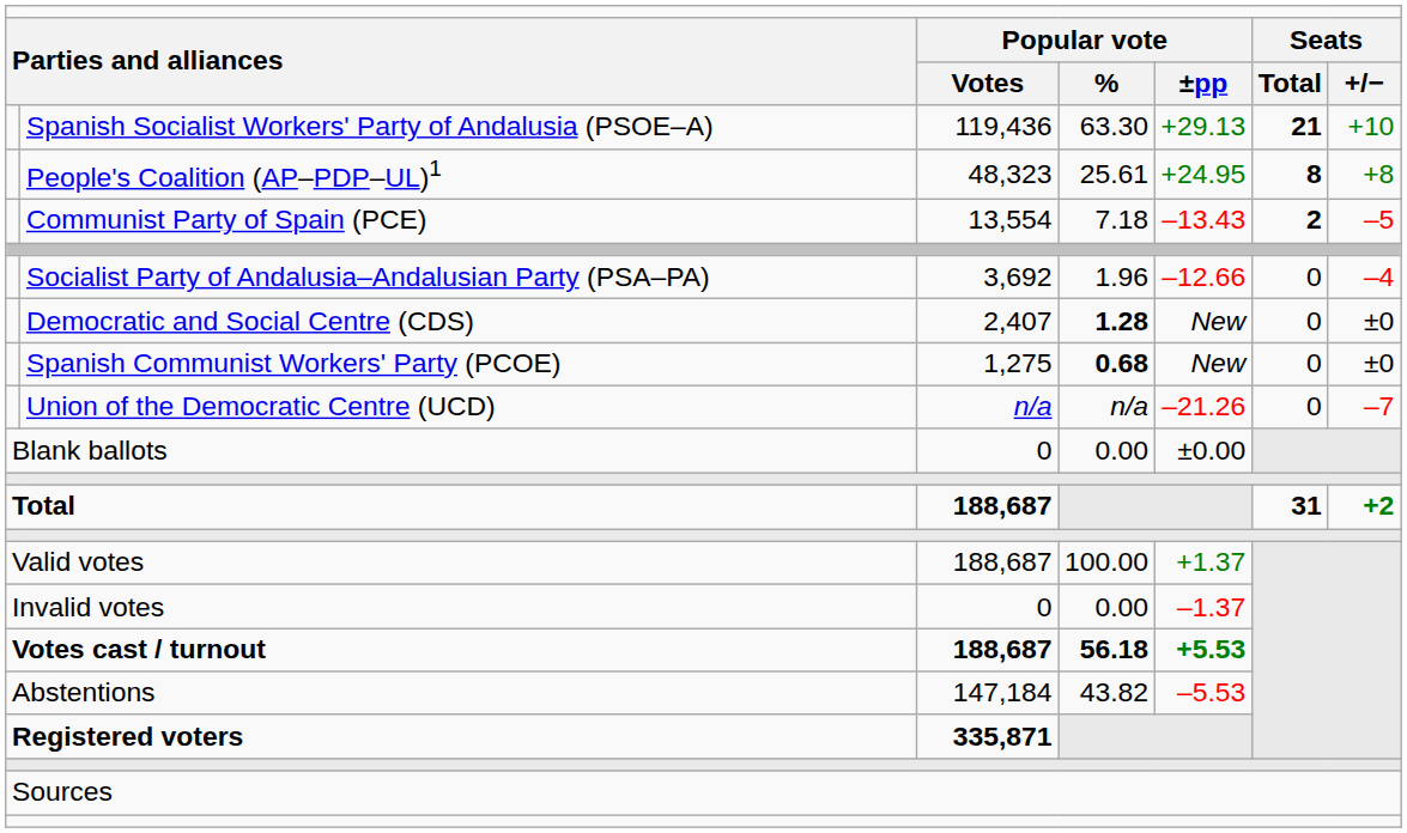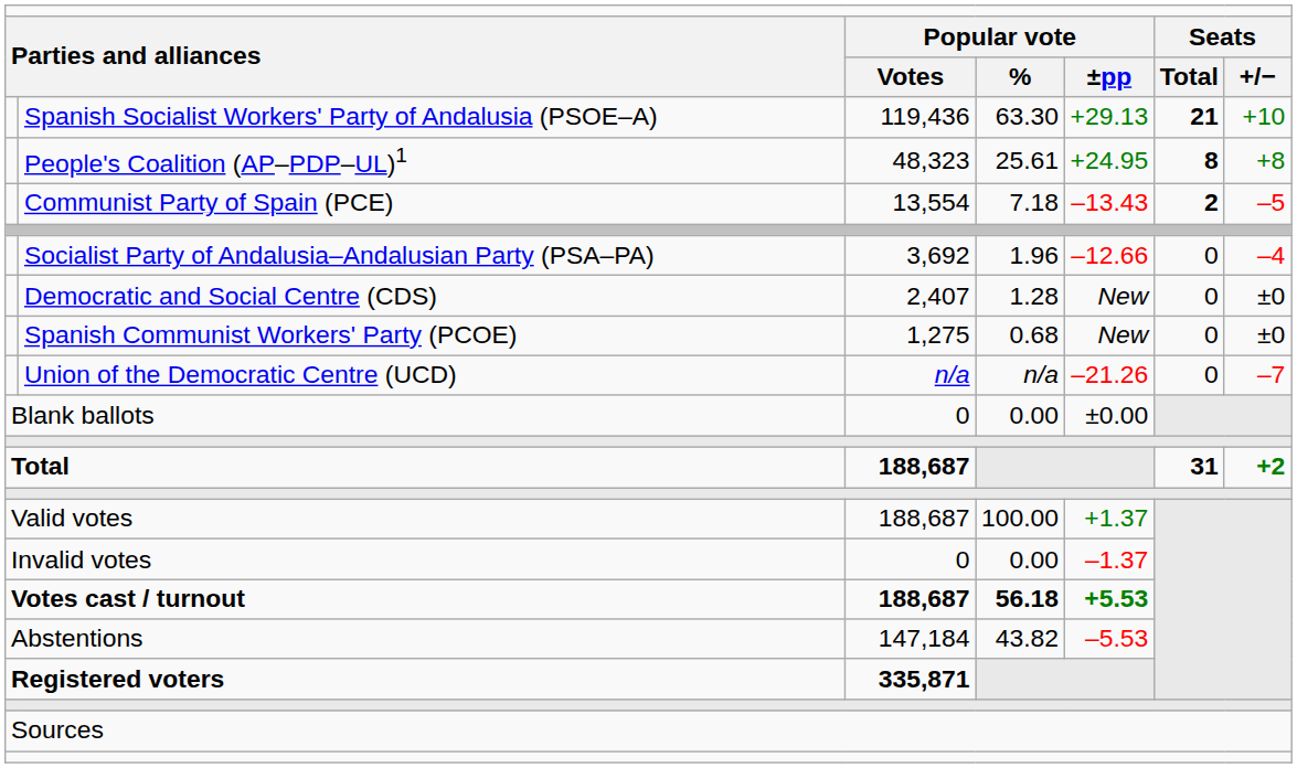 <table class="wikitable" style="text-align:right;">
 <tr>
 <td colspan="7"></td>
 </tr>
 <tr>
 <th style="text-align:left;" rowspan="2" colspan="2" width="525">Parties and alliances</th>
 <th colspan="3">Popular vote</th>
 <th colspan="2">Seats</th>
 </tr>
 <tr>
 <th width="75">Votes</th>
 <th width="45">%</th>
 <th width="45">±<a href='#'>pp</a></th>
 <th width="35">Total</th>
 <th width="35">+/−</th>
 </tr>
 <tr>
 <td width="1" style="color:inherit;background:"></td>
 <td align="left"><a href='#'>Spanish Socialist Workers' Party of Andalusia</a> (PSOE–A)</td>
 <td>119,436</td>
 <td>63.30</td>
 <td style="color:green;">+29.13</td>
 <td><strong>21</strong></td>
 <td style="color:green;">+10</td>
 </tr>
 <tr>
 <td style="color:inherit;background:"></td>
 <td align="left"><a href='#'>People's Coalition</a> (<a href='#'>AP</a>–<a href='#'>PDP</a>–<a href='#'>UL</a>)<sup>1</sup></td>
 <td>48,323</td>
 <td>25.61</td>
 <td style="color:green;">+24.95</td>
 <td><strong>8</strong></td>
 <td style="color:green;">+8</td>
 </tr>
 <tr>
 <td style="color:inherit;background:"></td>
 <td align="left"><a href='#'>Communist Party of Spain</a> (PCE)</td>
 <td>13,554</td>
 <td>7.18</td>
 <td style="color:red;">–13.43</td>
 <td><strong>2</strong></td>
 <td style="color:red;">–5</td>
 </tr>
 <tr>
 <td colspan="7" bgcolor="#C0C0C0"></td>
 </tr>
 <tr>
 <td style="color:inherit;background:"></td>
 <td align="left"><a href='#'>Socialist Party of Andalusia–Andalusian Party</a> (PSA–PA)</td>
 <td>3,692</td>
 <td>1.96</td>
 <td style="color:red;">–12.66</td>
 <td>0</td>
 <td style="color:red;">–4</td>
 </tr>
 <tr>
 <td style="color:inherit;background:"></td>
 <td align="left"><a href='#'>Democratic and Social Centre</a> (CDS)</td>
 <td>2,407</td>
-<td><strong>1.28</strong></td>
+<td>1.28</td>
 <td><em>New</em></td>
 <td>0</td>
 <td>±0</td>
 </tr>
 <tr>
 <td style="color:inherit;background:"></td>
 <td align="left"><a href='#'>Spanish Communist Workers' Party</a> (PCOE)</td>
 <td>1,275</td>
-<td><strong>0.68</strong></td>
+<td>0.68</td>
 <td><em>New</em></td>
 <td>0</td>
 <td>±0</td>
 </tr>
 <tr>
 <td style="color:inherit;background:"></td>
 <td align="left"><a href='#'>Union of the Democratic Centre</a> (UCD)</td>
 <td><em><a href='#'>n/a</a></em></td>
 <td><em>n/a</em></td>
 <td style="color:red;">–21.26</td>
 <td>0</td>
 <td style="color:red;">–7</td>
 </tr>
 <tr>
 <td align="left" colspan="2">Blank ballots</td>
 <td>0</td>
 <td>0.00</td>
 <td>±0.00</td>
 <td bgcolor="#E9E9E9" colspan="2"></td>
 </tr>
 <tr>
 <td colspan="7" bgcolor="#E9E9E9"></td>
 </tr>
 <tr style="font-weight:bold;">
 <td align="left" colspan="2">Total</td>
 <td>188,687</td>
 <td bgcolor="#E9E9E9" colspan="2"></td>
 <td>31</td>
 <td style="color:green;">+2</td>
 </tr>
 <tr>
 <td colspan="7" bgcolor="#E9E9E9"></td>
 </tr>
 <tr>
 <td align="left" colspan="2">Valid votes</td>
 <td>188,687</td>
 <td>100.00</td>
 <td style="color:green;">+1.37</td>
 <td bgcolor="#E9E9E9" colspan="2" rowspan="5"></td>
 </tr>
 <tr>
 <td align="left" colspan="2">Invalid votes</td>
 <td>0</td>
 <td>0.00</td>
 <td style="color:red;">–1.37</td>
 </tr>
 <tr style="font-weight:bold;">
 <td align="left" colspan="2">Votes cast / turnout</td>
 <td>188,687</td>
 <td>56.18</td>
 <td style="color:green;">+5.53</td>
 </tr>
 <tr>
 <td align="left" colspan="2">Abstentions</td>
 <td>147,184</td>
 <td>43.82</td>
 <td style="color:red;">–5.53</td>
 </tr>
 <tr style="font-weight:bold;">
 <td align="left" colspan="2">Registered voters</td>
 <td>335,871</td>
 <td bgcolor="#E9E9E9" colspan="2"></td>
 </tr>
 <tr>
 <td colspan="7" bgcolor="#E9E9E9"></td>
 </tr>
 <tr>
 <td align="left" colspan="7">Sources</td>
 </tr>
 <tr>
 <td colspan="7" style="text-align:left; max-width:790px;"></td>
 </tr>
 </table>
